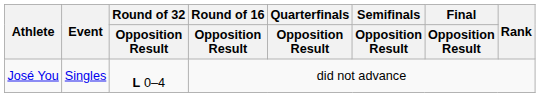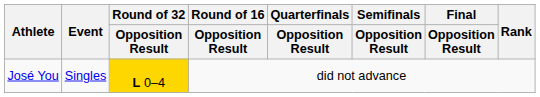 <table class="wikitable" style="font-size:90%">
 <tr>
 <th rowspan="2">Athlete</th>
 <th rowspan="2">Event</th>
 <th>Round of 32</th>
 <th>Round of 16</th>
 <th>Quarterfinals</th>
 <th>Semifinals</th>
 <th>Final</th>
 <th rowspan="2">Rank</th>
 </tr>
 <tr>
 <th>Opposition<br>Result</th>
 <th>Opposition<br>Result</th>
 <th>Opposition<br>Result</th>
 <th>Opposition<br>Result</th>
 <th>Opposition<br>Result</th>
 </tr>
 <tr align=center>
 <td align=left><a href='#'>José You</a></td>
 <td align=left><a href='#'>Singles</a></td>
-<td><br><strong>L</strong> 0–4</td>
+<td style="background: gold;"><br><strong>L</strong> 0–4</td>
 <td colspan=5>did not advance</td>
 </tr>
 </table>
